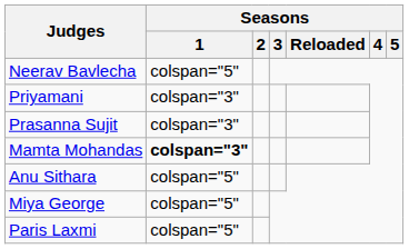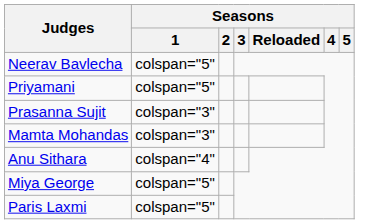 <table class="wikitable plainrowheaders">
 <tr>
 <th scope="col" rowspan="2">Judges</th>
 <th scope="col" colspan="6">Seasons</th>
 </tr>
 <tr>
 <th scope="col">1</th>
 <th scope="col">2</th>
 <th scope="col">3</th>
 <th scope="col">Reloaded</th>
 <th scope="col">4</th>
 <th scope="col">5</th>
 </tr>
 <tr>
 <td><a href='#'>Neerav Bavlecha</a></td>
 <td>colspan="5" </td>
 <td></td>
 </tr>
 <tr>
 <td><a href='#'>Priyamani</a></td>
-<td>colspan="3" </td>
+<td>colspan="5" </td>
 <td></td>
 <td></td>
 <td></td>
 </tr>
 <tr>
 <td><a href='#'>Prasanna Sujit</a></td>
 <td>colspan="3" </td>
 <td></td>
 <td></td>
 <td></td>
 </tr>
 <tr>
 <td><a href='#'>Mamta Mohandas</a></td>
-<td><strong>colspan="3" </strong></td>
+<td>colspan="3" </td>
 <td></td>
 <td></td>
 <td></td>
 </tr>
 <tr>
 <td><a href='#'>Anu Sithara</a></td>
-<td>colspan="5" </td>
+<td>colspan="4" </td>
 <td></td>
 <td></td>
 </tr>
 <tr>
 <td><a href='#'>Miya George</a></td>
 <td>colspan="5" </td>
 <td></td>
 </tr>
 <tr>
 <td><a href='#'>Paris Laxmi</a></td>
 <td>colspan="5" </td>
 <td></td>
 </tr>
 </table>
